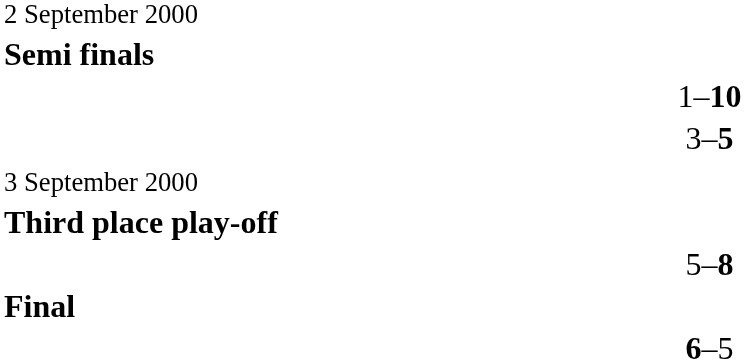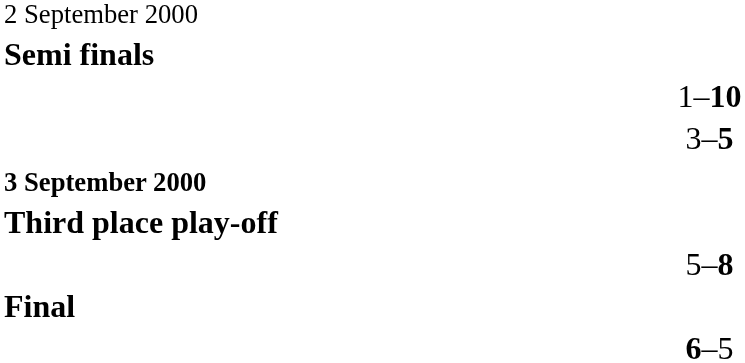 <table width=100% cellspacing=1>
 <tr>
 <th width=22%></th>
 <th width=12%></th>
 <th></th>
 </tr>
 <tr>
 <td><small>2 September 2000</small></td>
 </tr>
 <tr>
 <td><strong>Semi finals</strong></td>
 </tr>
 <tr>
 <td align=right></td>
 <td align=center>1–<strong>10</strong></td>
 <td><strong></strong></td>
 </tr>
 <tr>
 <td align=right></td>
 <td align=center>3–<strong>5</strong></td>
 <td><strong></strong></td>
 </tr>
 <tr>
-<td><small>3 September 2000</small></td>
+<td><strong><small>3 September 2000</small></strong></td>
 </tr>
 <tr>
 <td><strong>Third place play-off</strong></td>
 </tr>
 <tr>
 <td align=right></td>
 <td align=center>5–<strong>8</strong></td>
 <td><strong></strong></td>
 </tr>
 <tr>
 <td><strong>Final</strong></td>
 </tr>
 <tr>
 <td align=right><strong></strong></td>
 <td align=center><strong>6</strong>–5</td>
 <td></td>
 </tr>
 </table>
